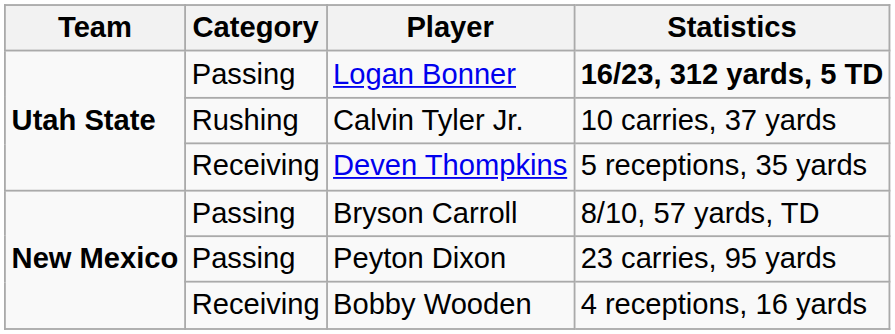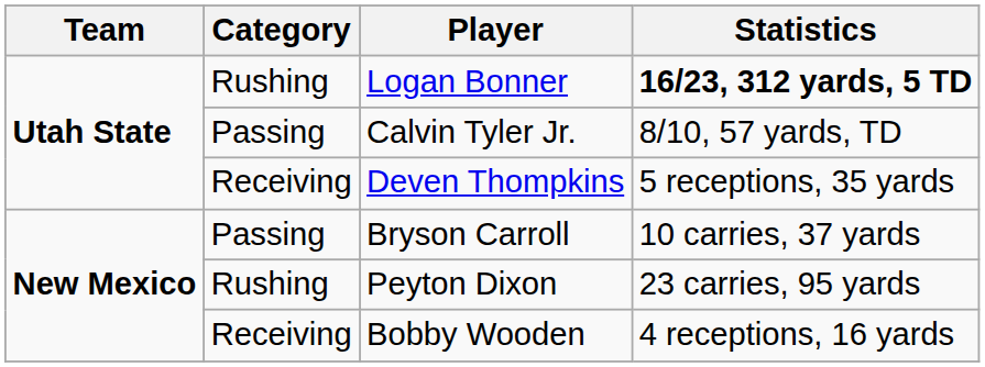 <table class="wikitable" style="float: left;">
 <tr>
 <th>Team</th>
 <th>Category</th>
 <th>Player</th>
 <th>Statistics</th>
 </tr>
 <tr>
 <td rowspan=3><strong>Utah State</strong></td>
-<td>Passing</td>
+<td>Rushing</td>
 <td><a href='#'>Logan Bonner</a></td>
 <td><strong>16/23, 312 yards, 5 TD</strong></td>
 </tr>
 <tr>
-<td>Rushing</td>
+<td>Passing</td>
 <td>Calvin Tyler Jr.</td>
-<td>10 carries, 37 yards</td>
+<td>8/10, 57 yards, TD</td>
 </tr>
 <tr>
 <td>Receiving</td>
 <td><a href='#'>Deven Thompkins</a></td>
 <td>5 receptions, 35 yards</td>
 </tr>
 <tr>
 <td rowspan=3><strong>New Mexico</strong></td>
 <td>Passing</td>
 <td>Bryson Carroll</td>
-<td>8/10, 57 yards, TD</td>
+<td>10 carries, 37 yards</td>
 </tr>
 <tr>
-<td>Passing</td>
+<td>Rushing</td>
 <td>Peyton Dixon</td>
 <td>23 carries, 95 yards</td>
 </tr>
 <tr>
 <td>Receiving</td>
 <td>Bobby Wooden</td>
 <td>4 receptions, 16 yards</td>
 </tr>
 </table>
